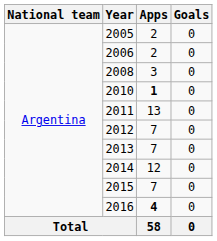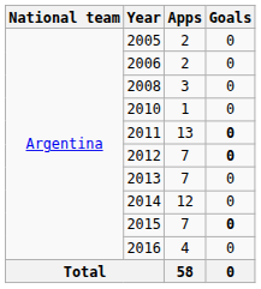 <table class=wikitable style=text-align:center>
 <tr>
 <th>National team</th>
 <th>Year</th>
 <th>Apps</th>
 <th>Goals</th>
 </tr>
 <tr>
 <td rowspan=10><a href='#'>Argentina</a></td>
 <td>2005</td>
 <td>2</td>
 <td>0</td>
 </tr>
 <tr>
 <td>2006</td>
 <td>2</td>
 <td>0</td>
 </tr>
 <tr>
 <td>2008</td>
 <td>3</td>
 <td>0</td>
 </tr>
 <tr>
 <td>2010</td>
-<td><strong>1</strong></td>
+<td>1</td>
 <td>0</td>
 </tr>
 <tr>
 <td>2011</td>
 <td>13</td>
-<td>0</td>
+<td><strong>0</strong></td>
 </tr>
 <tr>
 <td>2012</td>
 <td>7</td>
-<td>0</td>
+<td><strong>0</strong></td>
 </tr>
 <tr>
 <td>2013</td>
 <td>7</td>
 <td>0</td>
 </tr>
 <tr>
 <td>2014</td>
 <td>12</td>
 <td>0</td>
 </tr>
 <tr>
 <td>2015</td>
 <td>7</td>
-<td>0</td>
+<td><strong>0</strong></td>
 </tr>
 <tr>
 <td>2016</td>
-<td><strong>4</strong></td>
+<td>4</td>
 <td>0</td>
 </tr>
 <tr>
 <th colspan=2>Total</th>
 <th>58</th>
 <th>0</th>
 </tr>
 </table>
